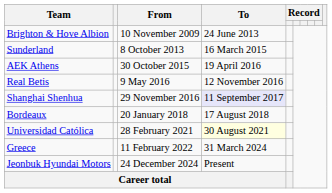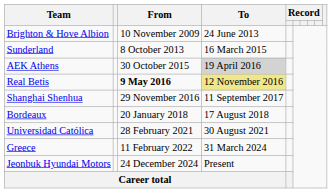 <table class="wikitable" style="text-align:center">
 <tr>
 <th rowspan="2">Team</th>
 <th rowspan="2"></th>
 <th rowspan="2">From</th>
 <th rowspan="2">To</th>
 <th colspan="5">Record</th>
 <th rowspan="2"></th>
 </tr>
 <tr>
 <th></th>
 <th></th>
 <th></th>
 <th></th>
 <th></th>
 </tr>
 <tr>
 <td align=left><a href='#'>Brighton & Hove Albion</a></td>
 <td align=left></td>
 <td align=left>10 November 2009</td>
 <td align=left>24 June 2013<br></td>
 <td></td>
 </tr>
 <tr>
 <td align=left><a href='#'>Sunderland</a></td>
 <td align=left></td>
 <td align=left>8 October 2013</td>
 <td align=left>16 March 2015<br></td>
 <td></td>
 </tr>
 <tr>
 <td align=left><a href='#'>AEK Athens</a></td>
 <td align=left></td>
 <td align=left>30 October 2015</td>
-<td align=left>19 April 2016<br></td>
+<td align=left style="background: lightgrey;">19 April 2016<br></td>
 <td></td>
 </tr>
 <tr>
 <td align=left><a href='#'>Real Betis</a></td>
 <td align=left></td>
-<td align=left>9 May 2016</td>
-<td align=left>12 November 2016<br></td>
+<td align=left><strong>9 May 2016</strong></td>
+<td align=left style="background: khaki;">12 November 2016<br></td>
 <td></td>
 </tr>
 <tr>
 <td align=left><a href='#'>Shanghai Shenhua</a></td>
 <td align=left></td>
 <td align=left>29 November 2016</td>
-<td align=left style="background: lavender;">11 September 2017<br></td>
+<td align=left>11 September 2017<br></td>
 <td></td>
 </tr>
 <tr>
 <td align=left><a href='#'>Bordeaux</a></td>
 <td align=left></td>
 <td align=left>20 January 2018</td>
 <td align=left>17 August 2018<br></td>
 <td></td>
 </tr>
 <tr>
 <td align=left><a href='#'>Universidad Católica</a></td>
 <td align=left></td>
 <td align=left>28 February 2021</td>
-<td align=left style="background: lightyellow;">30 August 2021<br></td>
+<td align=left>30 August 2021<br></td>
 <td></td>
 </tr>
 <tr>
 <td align=left><a href='#'>Greece</a></td>
 <td align=left></td>
 <td align=left>11 February 2022</td>
 <td align=left>31 March 2024<br></td>
 <td></td>
 </tr>
 <tr>
 <td align=left><a href='#'>Jeonbuk Hyundai Motors</a></td>
 <td align=left></td>
 <td align=left>24 December 2024</td>
 <td align=left>Present<br></td>
 <td></td>
 </tr>
 <tr>
 <th colspan="4">Career total<br></th>
 <th></th>
 </tr>
 </table>
